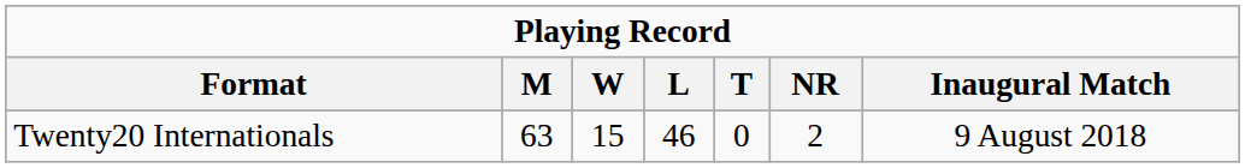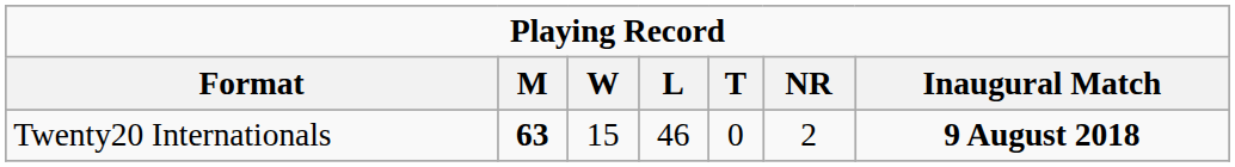 <table class="wikitable" style="text-align: center; width: 600px;">
 <tr>
 <td colspan=7 align="center"><strong>Playing Record</strong></td>
 </tr>
 <tr>
 <th>Format</th>
 <th>M</th>
 <th>W</th>
 <th>L</th>
 <th>T</th>
 <th>NR</th>
 <th>Inaugural Match</th>
 </tr>
 <tr>
 <td align="left">Twenty20 Internationals</td>
-<td>63</td>
+<td><strong>63</strong></td>
 <td>15</td>
 <td>46</td>
 <td>0</td>
 <td>2</td>
-<td>9 August 2018</td>
+<td><strong>9 August 2018</strong></td>
 </tr>
 </table>
